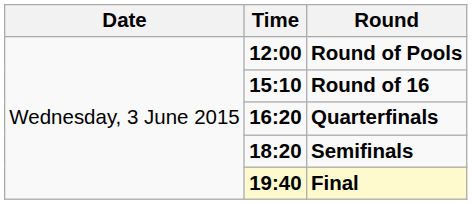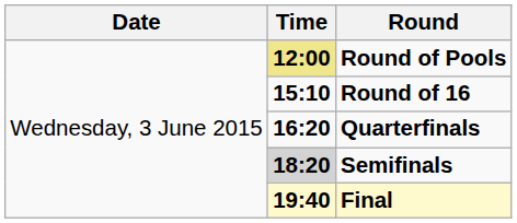 <table class="wikitable">
 <tr>
 <th>Date</th>
 <th>Time</th>
 <th>Round</th>
 </tr>
 <tr>
 <td rowspan="5">Wednesday, 3 June 2015</td>
-<td><strong>12:00</strong></td>
+<td style="background: khaki;"><strong>12:00</strong></td>
 <td><strong>Round of Pools</strong></td>
 </tr>
 <tr>
 <td><strong>15:10</strong></td>
 <td><strong>Round of 16</strong></td>
 </tr>
 <tr>
 <td><strong>16:20</strong></td>
 <td><strong>Quarterfinals</strong></td>
 </tr>
 <tr>
-<td><strong>18:20</strong></td>
+<td style="background: lightgrey;"><strong>18:20</strong></td>
 <td><strong>Semifinals</strong></td>
 </tr>
 <tr style="background:lemonchiffon;">
 <td><strong>19:40</strong></td>
 <td><strong>Final</strong></td>
 </tr>
 </table>
